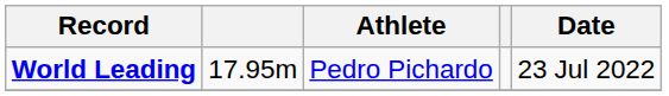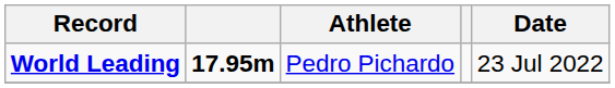 <table class="wikitable">
 <tr>
 <th>Record</th>
 <th></th>
 <th>Athlete</th>
 <th></th>
 <th>Date</th>
 </tr>
 <tr>
 <td><strong><a href='#'>World Leading</a></strong></td>
-<td>17.95m</td>
+<td><strong>17.95m</strong></td>
 <td><a href='#'>Pedro Pichardo</a></td>
 <td></td>
 <td align=left>23 Jul 2022</td>
 </tr>
 <tr>
 </tr>
 </table>
